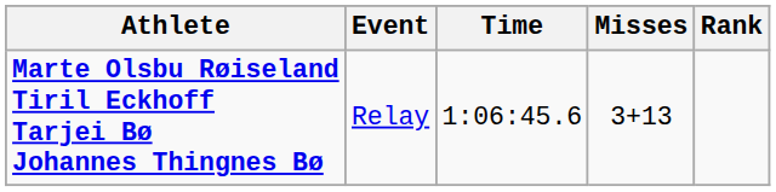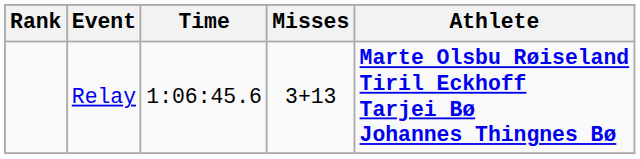 <table class=wikitable style="font-size:90%">
 <tr>
-<th>Athlete</th>
+<th>Rank</th>
 <th>Event</th>
 <th>Time</th>
 <th>Misses</th>
-<th>Rank</th>
+<th>Athlete</th>
 </tr>
 <tr align=center>
-<td align=left><strong><a href='#'>Marte Olsbu Røiseland</a><br><a href='#'>Tiril Eckhoff</a><br><a href='#'>Tarjei Bø</a><br><a href='#'>Johannes Thingnes Bø</a></strong></td>
+<td></td>
 <td align=left><a href='#'>Relay</a></td>
 <td>1:06:45.6</td>
 <td>3+13</td>
-<td></td>
+<td align=left><strong><a href='#'>Marte Olsbu Røiseland</a><br><a href='#'>Tiril Eckhoff</a><br><a href='#'>Tarjei Bø</a><br><a href='#'>Johannes Thingnes Bø</a></strong></td>
 </tr>
 </table>
